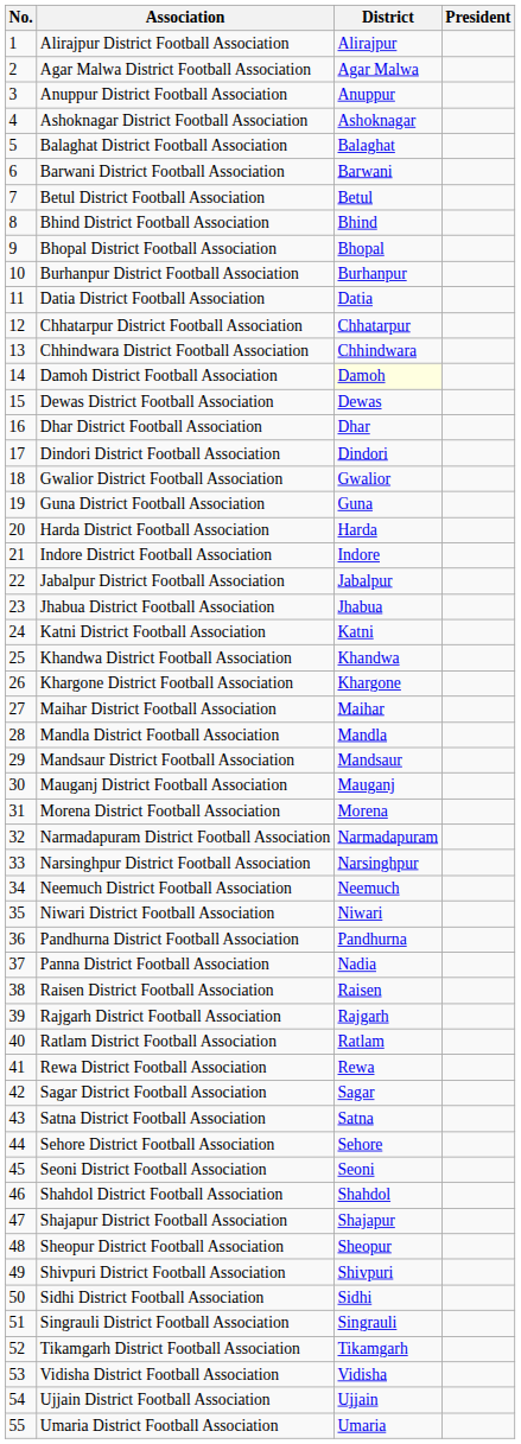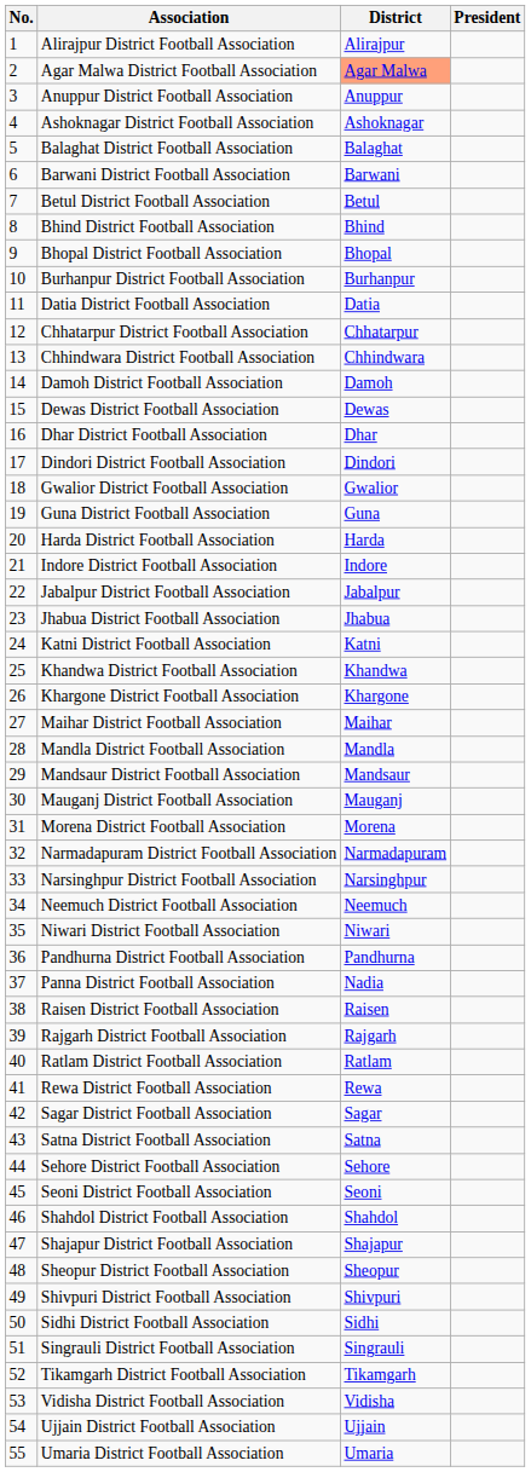 <table class="wikitable sortable">
 <tr>
 <th>No.</th>
 <th>Association</th>
 <th>District</th>
 <th>President</th>
 </tr>
 <tr>
 <td>1</td>
 <td>Alirajpur District Football Association</td>
 <td><a href='#'>Alirajpur</a></td>
 <td></td>
 </tr>
 <tr>
 <td>2</td>
 <td>Agar Malwa District Football Association</td>
-<td><a href='#'>Agar Malwa</a></td>
+<td style="background: lightsalmon;"><a href='#'>Agar Malwa</a></td>
 <td></td>
 </tr>
 <tr>
 <td>3</td>
 <td>Anuppur District Football Association</td>
 <td><a href='#'>Anuppur</a></td>
 <td></td>
 </tr>
 <tr>
 <td>4</td>
 <td>Ashoknagar District Football Association</td>
 <td><a href='#'>Ashoknagar</a></td>
 <td></td>
 </tr>
 <tr>
 <td>5</td>
 <td>Balaghat District Football Association</td>
 <td><a href='#'>Balaghat</a></td>
 <td></td>
 </tr>
 <tr>
 <td>6</td>
 <td>Barwani District Football Association</td>
 <td><a href='#'>Barwani</a></td>
 <td></td>
 </tr>
 <tr>
 <td>7</td>
 <td>Betul District Football Association</td>
 <td><a href='#'>Betul</a></td>
 <td></td>
 </tr>
 <tr>
 <td>8</td>
 <td>Bhind District Football Association</td>
 <td><a href='#'>Bhind</a></td>
 <td></td>
 </tr>
 <tr>
 <td>9</td>
 <td>Bhopal District Football Association</td>
 <td><a href='#'>Bhopal</a></td>
 <td></td>
 </tr>
 <tr>
 <td>10</td>
 <td>Burhanpur District Football Association</td>
 <td><a href='#'>Burhanpur</a></td>
 <td></td>
 </tr>
 <tr>
 <td>11</td>
 <td>Datia District Football Association</td>
 <td><a href='#'>Datia</a></td>
 <td></td>
 </tr>
 <tr>
 <td>12</td>
 <td>Chhatarpur District Football Association</td>
 <td><a href='#'>Chhatarpur</a></td>
 <td></td>
 </tr>
 <tr>
 <td>13</td>
 <td>Chhindwara District Football Association</td>
 <td><a href='#'>Chhindwara</a></td>
 <td></td>
 </tr>
 <tr>
 <td>14</td>
 <td>Damoh District Football Association</td>
-<td style="background: lightyellow;"><a href='#'>Damoh</a></td>
+<td><a href='#'>Damoh</a></td>
 <td></td>
 </tr>
 <tr>
 <td>15</td>
 <td>Dewas District Football Association</td>
 <td><a href='#'>Dewas</a></td>
 <td></td>
 </tr>
 <tr>
 <td>16</td>
 <td>Dhar District Football Association</td>
 <td><a href='#'>Dhar</a></td>
 <td></td>
 </tr>
 <tr>
 <td>17</td>
 <td>Dindori District Football Association</td>
 <td><a href='#'>Dindori</a></td>
 <td></td>
 </tr>
 <tr>
 <td>18</td>
 <td>Gwalior District Football Association</td>
 <td><a href='#'>Gwalior</a></td>
 <td></td>
 </tr>
 <tr>
 <td>19</td>
 <td>Guna District Football Association</td>
 <td><a href='#'>Guna</a></td>
 <td></td>
 </tr>
 <tr>
 <td>20</td>
 <td>Harda District Football Association</td>
 <td><a href='#'>Harda</a></td>
 <td></td>
 </tr>
 <tr>
 <td>21</td>
 <td>Indore District Football Association</td>
 <td><a href='#'>Indore</a></td>
 <td></td>
 </tr>
 <tr>
 <td>22</td>
 <td>Jabalpur District Football Association</td>
 <td><a href='#'>Jabalpur</a></td>
 <td></td>
 </tr>
 <tr>
 <td>23</td>
 <td>Jhabua District Football Association</td>
 <td><a href='#'>Jhabua</a></td>
 <td></td>
 </tr>
 <tr>
 <td>24</td>
 <td>Katni District Football Association</td>
 <td><a href='#'>Katni</a></td>
 <td></td>
 </tr>
 <tr>
 <td>25</td>
 <td>Khandwa District Football Association</td>
 <td><a href='#'>Khandwa</a></td>
 <td></td>
 </tr>
 <tr>
 <td>26</td>
 <td>Khargone District Football Association</td>
 <td><a href='#'>Khargone</a></td>
 <td></td>
 </tr>
 <tr>
 <td>27</td>
 <td>Maihar District Football Association</td>
 <td><a href='#'>Maihar</a></td>
 <td></td>
 </tr>
 <tr>
 <td>28</td>
 <td>Mandla District Football Association</td>
 <td><a href='#'>Mandla</a></td>
 <td></td>
 </tr>
 <tr>
 <td>29</td>
 <td>Mandsaur District Football Association</td>
 <td><a href='#'>Mandsaur</a></td>
 <td></td>
 </tr>
 <tr>
 <td>30</td>
 <td>Mauganj District Football Association</td>
 <td><a href='#'>Mauganj</a></td>
 <td></td>
 </tr>
 <tr>
 <td>31</td>
 <td>Morena District Football Association</td>
 <td><a href='#'>Morena</a></td>
 <td></td>
 </tr>
 <tr>
 <td>32</td>
 <td>Narmadapuram District Football Association</td>
 <td><a href='#'>Narmadapuram</a></td>
 <td></td>
 </tr>
 <tr>
 <td>33</td>
 <td>Narsinghpur District Football Association</td>
 <td><a href='#'>Narsinghpur</a></td>
 <td></td>
 </tr>
 <tr>
 <td>34</td>
 <td>Neemuch District Football Association</td>
 <td><a href='#'>Neemuch</a></td>
 <td></td>
 </tr>
 <tr>
 <td>35</td>
 <td>Niwari District Football Association</td>
 <td><a href='#'>Niwari</a></td>
 <td></td>
 </tr>
 <tr>
 <td>36</td>
 <td>Pandhurna District Football Association</td>
 <td><a href='#'>Pandhurna</a></td>
 <td></td>
 </tr>
 <tr>
 <td>37</td>
 <td>Panna District Football Association</td>
 <td><a href='#'>Nadia</a></td>
 <td></td>
 </tr>
 <tr>
 <td>38</td>
 <td>Raisen District Football Association</td>
 <td><a href='#'>Raisen</a></td>
 <td></td>
 </tr>
 <tr>
 <td>39</td>
 <td>Rajgarh District Football Association</td>
 <td><a href='#'>Rajgarh</a></td>
 <td></td>
 </tr>
 <tr>
 <td>40</td>
 <td>Ratlam District Football Association</td>
 <td><a href='#'>Ratlam</a></td>
 <td></td>
 </tr>
 <tr>
 <td>41</td>
 <td>Rewa District Football Association</td>
 <td><a href='#'>Rewa</a></td>
 <td></td>
 </tr>
 <tr>
 <td>42</td>
 <td>Sagar District Football Association</td>
 <td><a href='#'>Sagar</a></td>
 <td></td>
 </tr>
 <tr>
 <td>43</td>
 <td>Satna District Football Association</td>
 <td><a href='#'>Satna</a></td>
 <td></td>
 </tr>
 <tr>
 <td>44</td>
 <td>Sehore District Football Association</td>
 <td><a href='#'>Sehore</a></td>
 <td></td>
 </tr>
 <tr>
 <td>45</td>
 <td>Seoni District Football Association</td>
 <td><a href='#'>Seoni</a></td>
 <td></td>
 </tr>
 <tr>
 <td>46</td>
 <td>Shahdol District Football Association</td>
 <td><a href='#'>Shahdol</a></td>
 <td></td>
 </tr>
 <tr>
 <td>47</td>
 <td>Shajapur District Football Association</td>
 <td><a href='#'>Shajapur</a></td>
 <td></td>
 </tr>
 <tr>
 <td>48</td>
 <td>Sheopur District Football Association</td>
 <td><a href='#'>Sheopur</a></td>
 <td></td>
 </tr>
 <tr>
 <td>49</td>
 <td>Shivpuri District Football Association</td>
 <td><a href='#'>Shivpuri</a></td>
 <td></td>
 </tr>
 <tr>
 <td>50</td>
 <td>Sidhi District Football Association</td>
 <td><a href='#'>Sidhi</a></td>
 <td></td>
 </tr>
 <tr>
 <td>51</td>
 <td>Singrauli District Football Association</td>
 <td><a href='#'>Singrauli</a></td>
 <td></td>
 </tr>
 <tr>
 <td>52</td>
 <td>Tikamgarh District Football Association</td>
 <td><a href='#'>Tikamgarh</a></td>
 <td></td>
 </tr>
 <tr>
 <td>53</td>
 <td>Vidisha District Football Association</td>
 <td><a href='#'>Vidisha</a></td>
 <td></td>
 </tr>
 <tr>
 <td>54</td>
 <td>Ujjain District Football Association</td>
 <td><a href='#'>Ujjain</a></td>
 <td></td>
 </tr>
 <tr>
 <td>55</td>
 <td>Umaria District Football Association</td>
 <td><a href='#'>Umaria</a></td>
 <td></td>
 </tr>
 </table>
